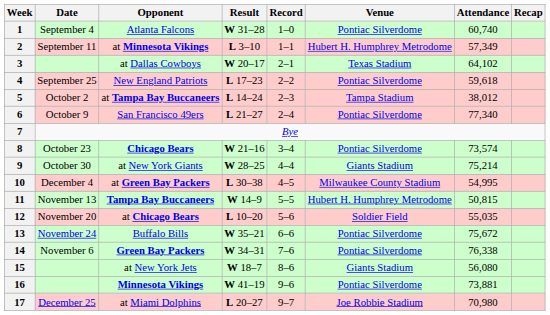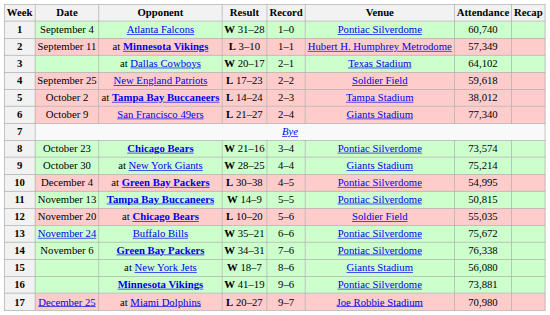 <table class="wikitable" style="text-align:center">
 <tr>
 <th>Week</th>
 <th>Date</th>
 <th>Opponent</th>
 <th>Result</th>
 <th>Record</th>
 <th>Venue</th>
 <th>Attendance</th>
 <th>Recap</th>
 </tr>
 <tr style="background:#cfc">
 <th>1</th>
 <td>September 4</td>
 <td><a href='#'>Atlanta Falcons</a></td>
 <td><strong>W</strong> 31–28 </td>
 <td>1–0</td>
 <td><a href='#'>Pontiac Silverdome</a></td>
 <td>60,740</td>
 <td></td>
 </tr>
 <tr style="background:#fcc">
 <th>2</th>
 <td>September 11</td>
 <td>at <strong><a href='#'>Minnesota Vikings</a></strong></td>
 <td><strong>L</strong> 3–10</td>
 <td>1–1</td>
 <td><a href='#'>Hubert H. Humphrey Metrodome</a></td>
 <td>57,349</td>
 <td></td>
 </tr>
 <tr style="background:#cfc">
 <th>3</th>
 <td></td>
 <td>at <a href='#'>Dallas Cowboys</a></td>
 <td><strong>W</strong> 20–17 </td>
 <td>2–1</td>
 <td><a href='#'>Texas Stadium</a></td>
 <td>64,102</td>
 <td></td>
 </tr>
 <tr style="background:#fcc">
 <th>4</th>
 <td>September 25</td>
 <td><a href='#'>New England Patriots</a></td>
 <td><strong>L</strong> 17–23</td>
 <td>2–2</td>
-<td><a href='#'>Pontiac Silverdome</a></td>
+<td><a href='#'>Soldier Field</a></td>
 <td>59,618</td>
 <td></td>
 </tr>
 <tr style="background:#fcc">
 <th>5</th>
 <td>October 2</td>
 <td>at <strong><a href='#'>Tampa Bay Buccaneers</a></strong></td>
 <td><strong>L</strong> 14–24</td>
 <td>2–3</td>
 <td><a href='#'>Tampa Stadium</a></td>
 <td>38,012</td>
 <td></td>
 </tr>
 <tr style="background:#fcc">
 <th>6</th>
 <td>October 9</td>
 <td><a href='#'>San Francisco 49ers</a></td>
 <td><strong>L</strong> 21–27</td>
 <td>2–4</td>
-<td><a href='#'>Pontiac Silverdome</a></td>
+<td><a href='#'>Giants Stadium</a></td>
 <td>77,340</td>
 <td></td>
 </tr>
 <tr align="center">
 <th>7</th>
 <td colspan="7"><em><a href='#'>Bye</a></em></td>
 </tr>
 <tr style="background:#cfc">
 <th>8</th>
 <td>October 23</td>
 <td><strong><a href='#'>Chicago Bears</a></strong></td>
 <td><strong>W</strong> 21–16</td>
 <td>3–4</td>
 <td><a href='#'>Pontiac Silverdome</a></td>
 <td>73,574</td>
 <td></td>
 </tr>
 <tr style="background:#cfc">
 <th>9</th>
 <td>October 30</td>
 <td>at <a href='#'>New York Giants</a></td>
 <td><strong>W</strong> 28–25 </td>
 <td>4–4</td>
 <td><a href='#'>Giants Stadium</a></td>
 <td>75,214</td>
 <td></td>
 </tr>
 <tr style="background:#fcc">
 <th>10</th>
 <td>December 4</td>
 <td>at <strong><a href='#'>Green Bay Packers</a></strong></td>
 <td><strong>L</strong> 30–38</td>
 <td>4–5</td>
-<td><a href='#'>Milwaukee County Stadium</a></td>
+<td><a href='#'>Pontiac Silverdome</a></td>
 <td>54,995</td>
 <td></td>
 </tr>
 <tr style="background:#cfc">
 <th>11</th>
 <td>November 13</td>
 <td><strong><a href='#'>Tampa Bay Buccaneers</a></strong></td>
 <td><strong>W</strong> 14–9</td>
 <td>5–5</td>
-<td><a href='#'>Hubert H. Humphrey Metrodome</a></td>
+<td><a href='#'>Pontiac Silverdome</a></td>
 <td>50,815</td>
 <td></td>
 </tr>
 <tr style="background:#fcc">
 <th>12</th>
 <td>November 20</td>
 <td>at <strong><a href='#'>Chicago Bears</a></strong></td>
 <td><strong>L</strong> 10–20</td>
 <td>5–6</td>
 <td><a href='#'>Soldier Field</a></td>
 <td>55,035</td>
 <td></td>
 </tr>
 <tr style="background:#cfc">
 <th>13</th>
 <td><a href='#'>November 24</a></td>
 <td><a href='#'>Buffalo Bills</a></td>
 <td><strong>W</strong> 35–21</td>
 <td>6–6</td>
 <td><a href='#'>Pontiac Silverdome</a></td>
 <td>75,672</td>
 <td></td>
 </tr>
 <tr style="background:#cfc">
 <th>14</th>
 <td>November 6</td>
 <td><strong><a href='#'>Green Bay Packers</a></strong></td>
 <td><strong>W</strong> 34–31</td>
 <td>7–6</td>
 <td><a href='#'>Pontiac Silverdome</a></td>
 <td>76,338</td>
 <td></td>
 </tr>
 <tr style="background:#cfc">
 <th>15</th>
 <td></td>
 <td>at <a href='#'>New York Jets</a></td>
 <td><strong>W</strong> 18–7</td>
 <td>8–6</td>
 <td><a href='#'>Giants Stadium</a></td>
 <td>56,080</td>
 <td></td>
 </tr>
 <tr style="background:#cfc">
 <th>16</th>
 <td></td>
 <td><strong><a href='#'>Minnesota Vikings</a></strong></td>
 <td><strong>W</strong> 41–19</td>
 <td>9–6</td>
 <td><a href='#'>Pontiac Silverdome</a></td>
 <td>73,881</td>
 <td></td>
 </tr>
 <tr style="background:#fcc">
 <th>17</th>
 <td><a href='#'>December 25</a></td>
 <td>at <a href='#'>Miami Dolphins</a></td>
 <td><strong>L</strong> 20–27</td>
 <td>9–7</td>
 <td><a href='#'>Joe Robbie Stadium</a></td>
 <td>70,980</td>
 <td></td>
 </tr>
 </table>
